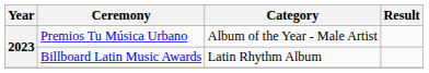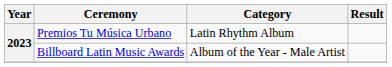 <table class="wikitable plainrowheaders">
 <tr>
 <th scope="col">Year</th>
 <th scope="col">Ceremony</th>
 <th scope="col">Category</th>
 <th scope="col">Result</th>
 </tr>
 <tr>
 <th scope="row" rowspan="2">2023</th>
 <td><a href='#'>Premios Tu Música Urbano</a></td>
-<td>Album of the Year - Male Artist</td>
+<td>Latin Rhythm Album</td>
 <td></td>
 </tr>
 <tr>
 <td><a href='#'>Billboard Latin Music Awards</a></td>
-<td>Latin Rhythm Album</td>
+<td>Album of the Year - Male Artist</td>
 <td></td>
 </tr>
 <tr>
 </tr>
 </table>
